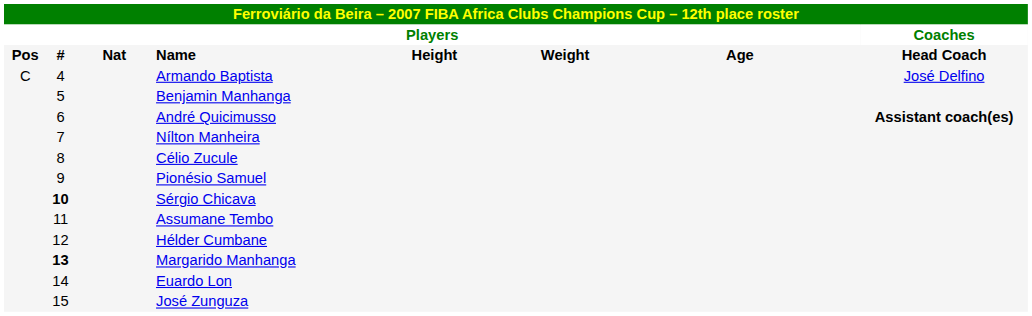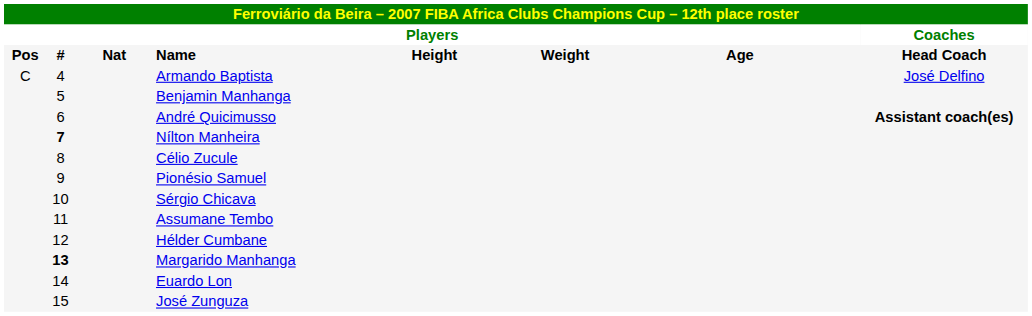 <table border=0 cellpadding=2 cellspacing=0  |- bgcolor=#f5f5f5 style="text-align:center; font-size:85%;" width=75%>
 <tr>
 <td colspan="8" style="background: green; color: yellow"><strong>Ferroviário da Beira – 2007 FIBA Africa Clubs Champions Cup – 12th place roster</strong></td>
 </tr>
 <tr>
 <td colspan="7" style="background: white; color: green"><strong>Players</strong></td>
 <td style="background: white; color: green"><strong>Coaches</strong></td>
 </tr>
 <tr style="background=#f5f5f5; color: black">
 <th width=5px>Pos</th>
 <th width=5px>#</th>
 <th width=50px>Nat</th>
 <th width=135px align=left>Name</th>
 <th width=100px>Height</th>
 <th width=70px>Weight</th>
 <th width=160px>Age</th>
 <th width=110px>Head Coach</th>
 </tr>
 <tr>
 <td>C</td>
 <td>4</td>
 <td></td>
 <td align=left><a href='#'>Armando Baptista</a></td>
 <td><span></span></td>
 <td></td>
 <td><span></span></td>
 <td> <a href='#'>José Delfino</a></td>
 </tr>
 <tr>
 <td></td>
 <td>5</td>
 <td></td>
 <td align=left><a href='#'>Benjamin Manhanga</a></td>
 <td></td>
 <td></td>
 <td><span></span></td>
 </tr>
 <tr>
 <td></td>
 <td>6</td>
 <td></td>
 <td align=left><a href='#'>André Quicimusso</a></td>
 <td></td>
 <td></td>
 <td><span></span></td>
 <td><strong>Assistant coach(es)</strong></td>
 </tr>
 <tr>
 <td></td>
-<td>7</td>
+<td><strong>7</strong></td>
 <td></td>
 <td align=left><a href='#'>Nílton Manheira</a></td>
 <td></td>
 <td></td>
 <td><span></span></td>
 <td></td>
 </tr>
 <tr>
 <td></td>
 <td>8</td>
 <td></td>
 <td align=left><a href='#'>Célio Zucule</a></td>
 <td></td>
 <td></td>
 <td><span></span></td>
 <td></td>
 </tr>
 <tr>
 <td></td>
 <td>9</td>
 <td></td>
 <td align=left><a href='#'>Pionésio Samuel</a></td>
 <td></td>
 <td></td>
 <td><span></span></td>
 <td></td>
 </tr>
 <tr>
 <td></td>
-<td><strong>10</strong></td>
+<td>10</td>
 <td></td>
 <td align=left><a href='#'>Sérgio Chicava</a></td>
 <td></td>
 <td></td>
 <td><span></span></td>
 <td></td>
 </tr>
 <tr>
 <td></td>
 <td>11</td>
 <td></td>
 <td align=left><a href='#'>Assumane Tembo</a></td>
 <td></td>
 <td></td>
 <td><span></span></td>
 <td></td>
 </tr>
 <tr>
 <td></td>
 <td>12</td>
 <td></td>
 <td align=left><a href='#'>Hélder Cumbane</a></td>
 <td></td>
 <td></td>
 <td><span></span></td>
 <td></td>
 </tr>
 <tr>
 <td></td>
 <td><strong>13</strong></td>
 <td></td>
 <td align=left><a href='#'>Margarido Manhanga</a></td>
 <td></td>
 <td></td>
 <td><span></span></td>
 <td></td>
 </tr>
 <tr>
 <td></td>
 <td>14</td>
 <td></td>
 <td align=left><a href='#'>Euardo Lon</a></td>
 <td></td>
 <td></td>
 <td><span></span></td>
 <td></td>
 </tr>
 <tr>
 <td></td>
 <td>15</td>
 <td></td>
 <td align=left><a href='#'>José Zunguza</a></td>
 <td></td>
 <td></td>
 <td><span></span></td>
 <td></td>
 </tr>
 </table>
